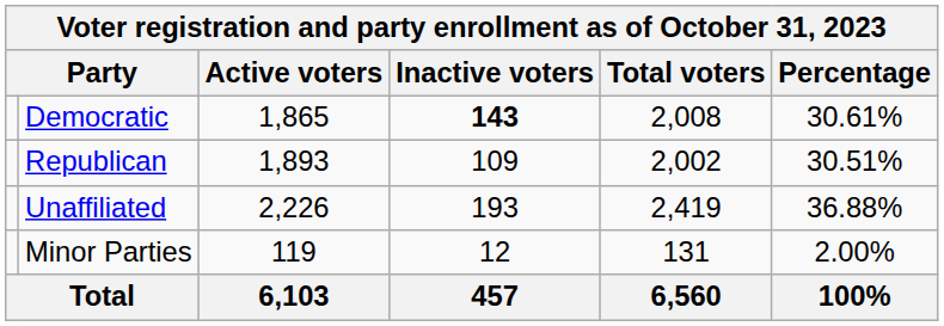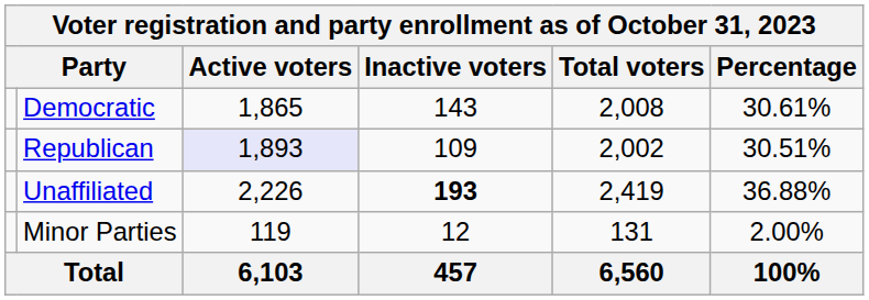 <table class=wikitable>
 <tr>
 <th colspan = 6>Voter registration and party enrollment as of October 31, 2023</th>
 </tr>
 <tr>
 <th colspan = 2>Party</th>
 <th>Active voters</th>
 <th>Inactive voters</th>
 <th>Total voters</th>
 <th>Percentage</th>
 </tr>
 <tr>
 <td></td>
 <td><a href='#'>Democratic</a></td>
 <td style="text-align:center;">1,865</td>
-<td style="text-align:center;"><strong>143</strong></td>
+<td style="text-align:center;">143</td>
 <td style="text-align:center;">2,008</td>
 <td style="text-align:center;">30.61%</td>
 </tr>
 <tr>
 <td></td>
 <td><a href='#'>Republican</a></td>
-<td style="text-align:center;">1,893</td>
+<td style="background: lavender; text-align:center;">1,893</td>
 <td style="text-align:center;">109</td>
 <td style="text-align:center;">2,002</td>
 <td style="text-align:center;">30.51%</td>
 </tr>
 <tr>
 <td></td>
 <td><a href='#'>Unaffiliated</a></td>
 <td style="text-align:center;">2,226</td>
-<td style="text-align:center;">193</td>
+<td style="text-align:center;"><strong>193</strong></td>
 <td style="text-align:center;">2,419</td>
 <td style="text-align:center;">36.88%</td>
 </tr>
 <tr>
 <td></td>
 <td>Minor Parties</td>
 <td style="text-align:center;">119</td>
 <td style="text-align:center;">12</td>
 <td style="text-align:center;">131</td>
 <td style="text-align:center;">2.00%</td>
 </tr>
 <tr>
 <th colspan = 2>Total</th>
 <th style="text-align:center;">6,103</th>
 <th style="text-align:center;">457</th>
 <th style="text-align:center;">6,560</th>
 <th style="text-align:center;">100%</th>
 </tr>
 </table>
